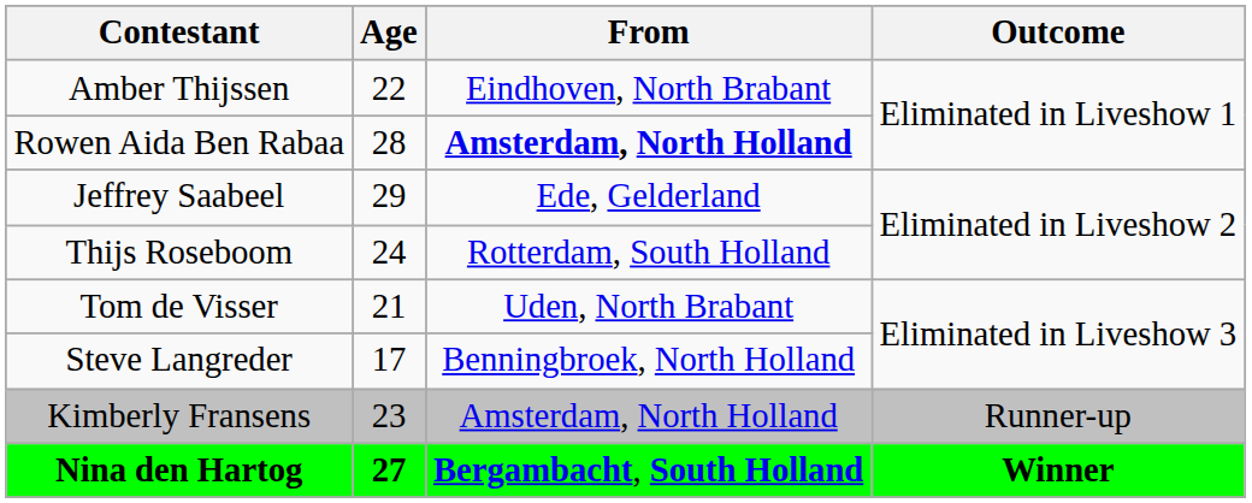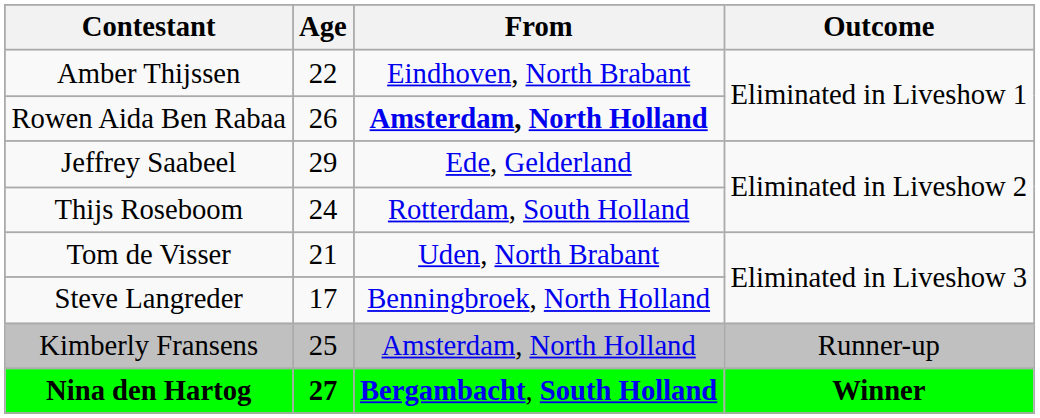 <table class="wikitable sortable" style="text-align:center;">
 <tr>
 <th>Contestant</th>
 <th>Age</th>
 <th>From</th>
 <th>Outcome</th>
 </tr>
 <tr>
 <td>Amber Thijssen</td>
 <td>22</td>
 <td><a href='#'>Eindhoven</a>, <a href='#'>North Brabant</a></td>
 <td rowspan="2">Eliminated in Liveshow 1</td>
 </tr>
 <tr>
 <td>Rowen Aida Ben Rabaa</td>
-<td>28</td>
+<td>26</td>
 <td><strong><a href='#'>Amsterdam</a>, <a href='#'>North Holland</a></strong></td>
 </tr>
 <tr>
 <td>Jeffrey Saabeel</td>
 <td>29</td>
 <td><a href='#'>Ede</a>, <a href='#'>Gelderland</a></td>
 <td rowspan="2">Eliminated in Liveshow 2</td>
 </tr>
 <tr>
 <td>Thijs Roseboom</td>
 <td>24</td>
 <td><a href='#'>Rotterdam</a>, <a href='#'>South Holland</a></td>
 </tr>
 <tr>
 <td>Tom de Visser</td>
 <td>21</td>
 <td><a href='#'>Uden</a>, <a href='#'>North Brabant</a></td>
 <td rowspan="2">Eliminated in Liveshow 3</td>
 </tr>
 <tr>
 <td>Steve Langreder</td>
 <td>17</td>
 <td><a href='#'>Benningbroek</a>, <a href='#'>North Holland</a></td>
 </tr>
 <tr style="background:silver;">
 <td>Kimberly Fransens</td>
-<td>23</td>
+<td>25</td>
 <td><a href='#'>Amsterdam</a>, <a href='#'>North Holland</a></td>
 <td>Runner-up</td>
 </tr>
 <tr style="background:lime;">
 <td><strong>Nina den Hartog</strong></td>
 <td><strong>27</strong></td>
 <td><strong><a href='#'>Bergambacht</a></strong>, <strong><a href='#'>South Holland</a></strong></td>
 <td><strong>Winner</strong></td>
 </tr>
 </table>
